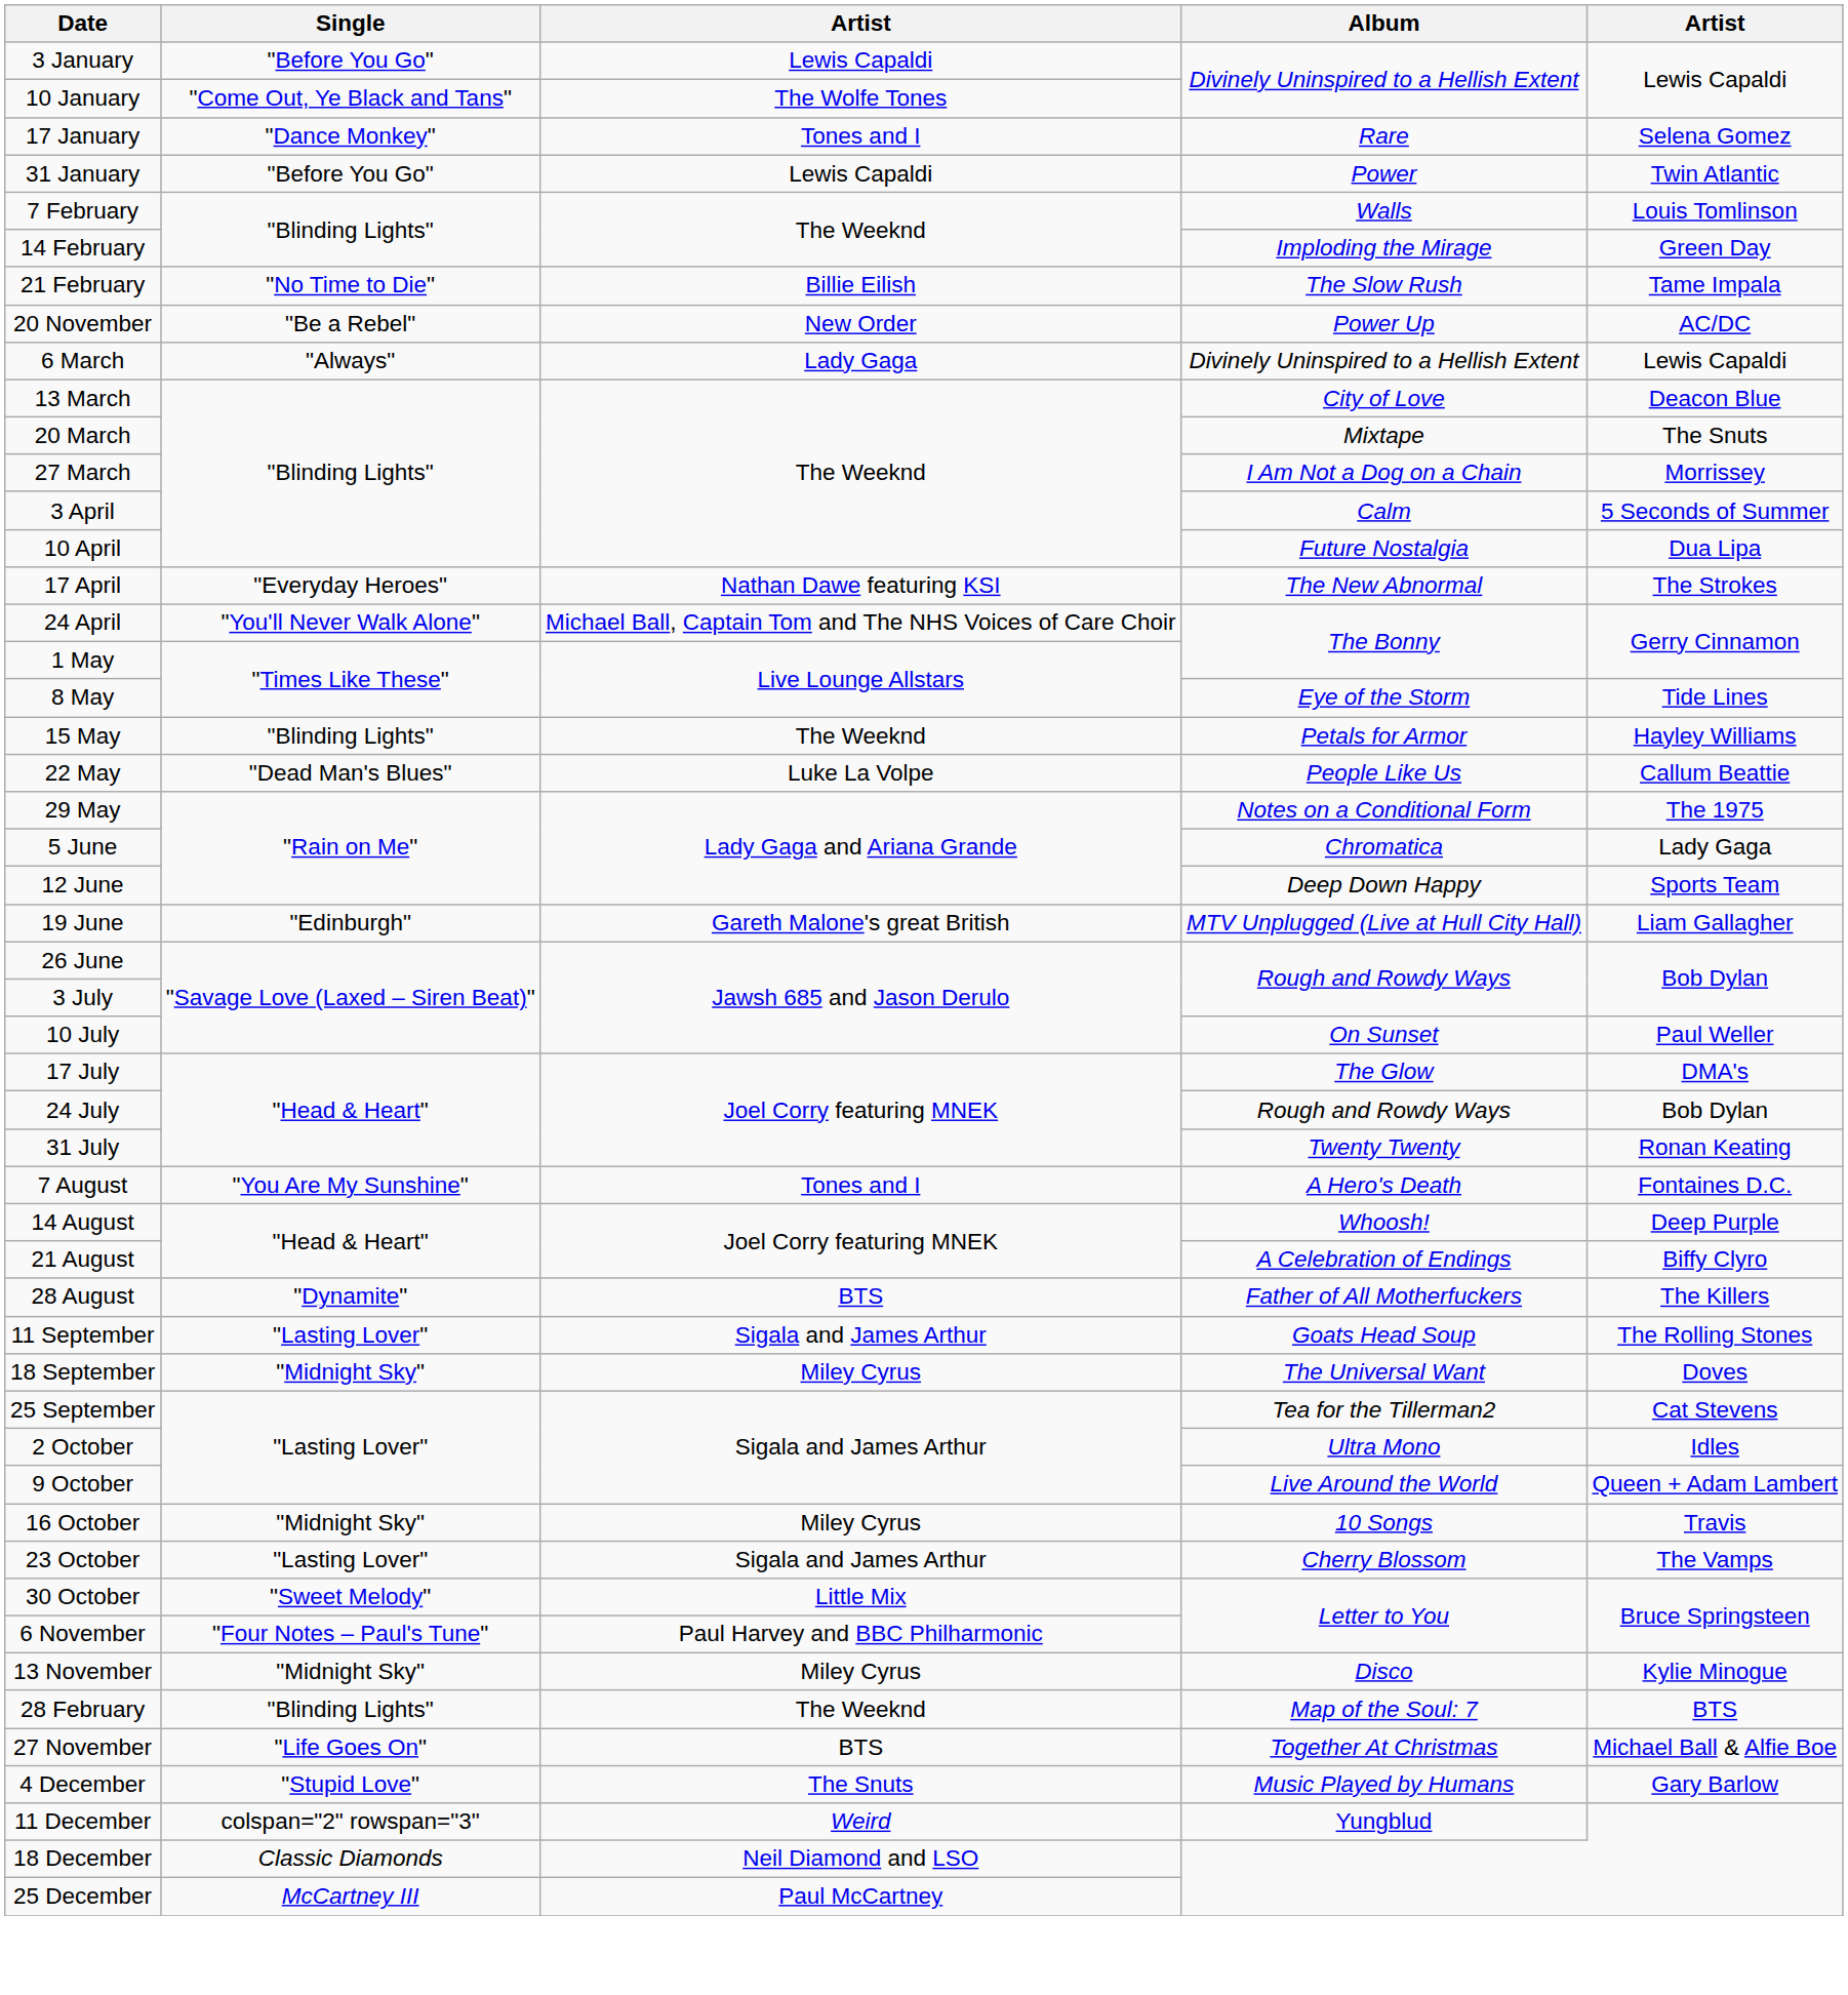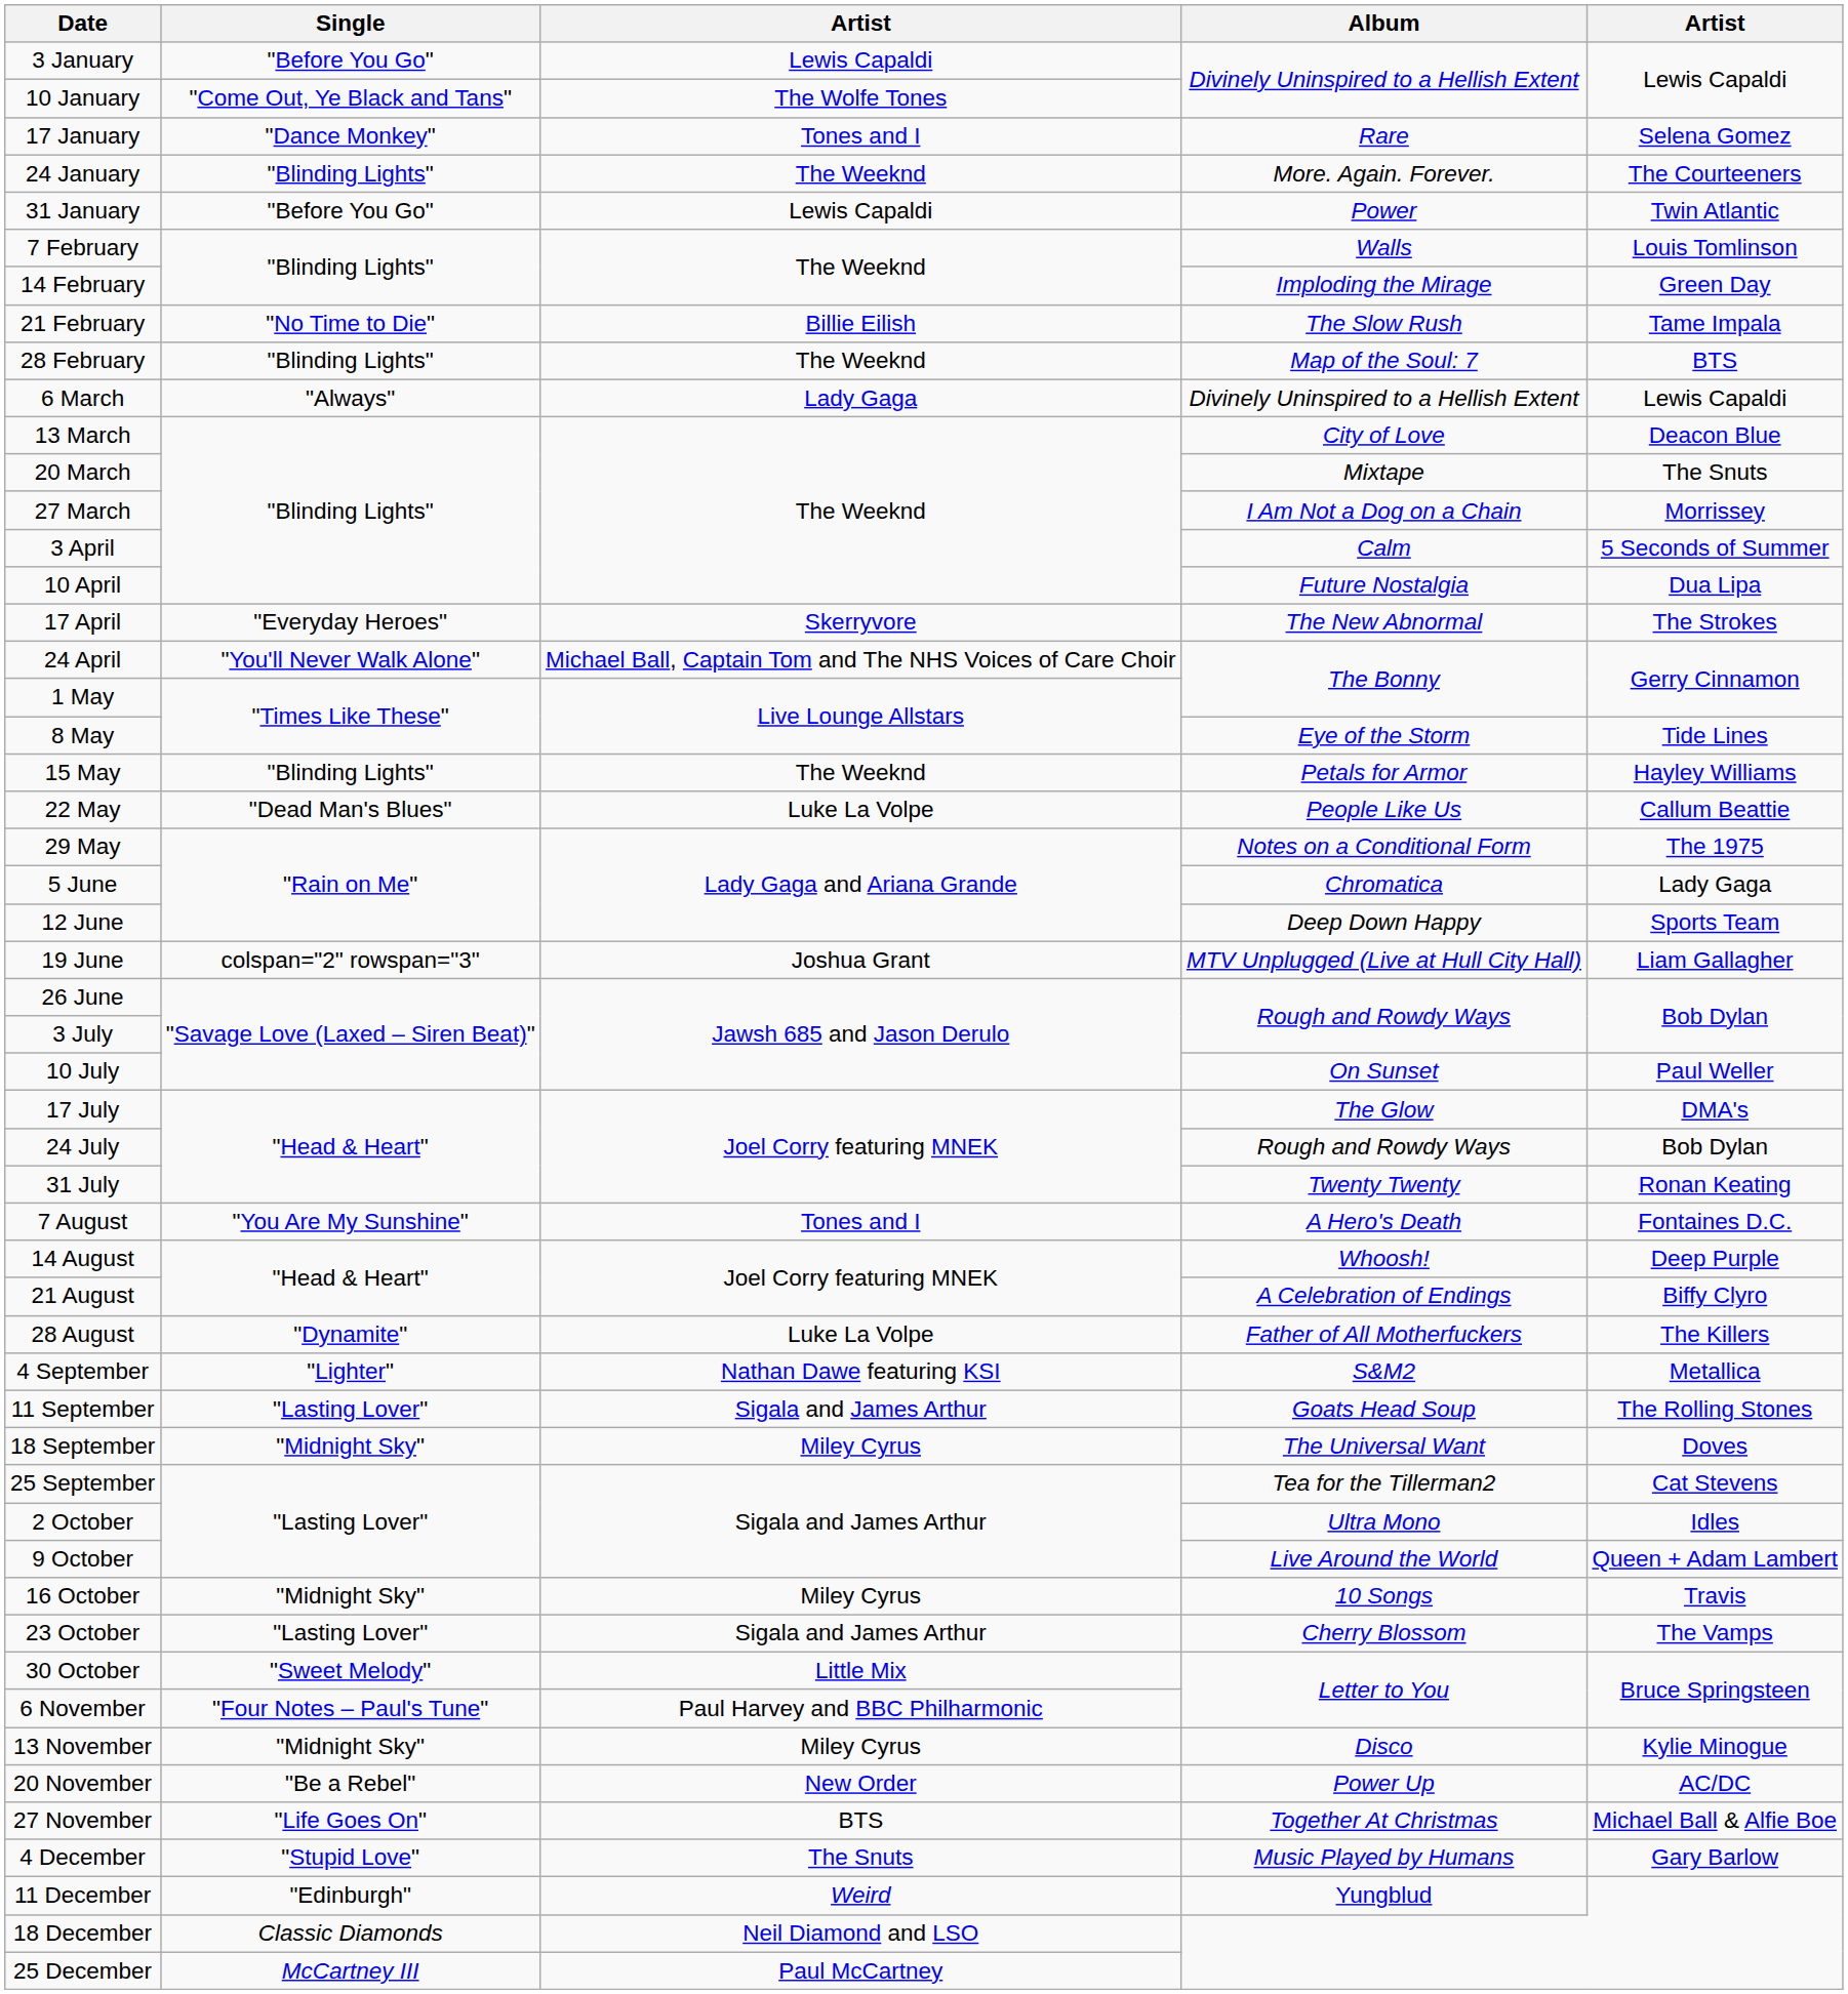 <table class="wikitable" style="font-size:97%; text-align:center;">
 <tr>
 <th>Date</th>
 <th>Single</th>
 <th>Artist</th>
 <th>Album</th>
 <th>Artist</th>
 </tr>
 <tr>
 <td>3 January</td>
 <td>"<a href='#'>Before You Go</a>"</td>
 <td><a href='#'>Lewis Capaldi</a></td>
 <td rowspan="2"><em><a href='#'>Divinely Uninspired to a Hellish Extent</a></em></td>
 <td rowspan="2">Lewis Capaldi</td>
 </tr>
 <tr>
 <td>10 January</td>
 <td>"<a href='#'>Come Out, Ye Black and Tans</a>"</td>
 <td><a href='#'>The Wolfe Tones</a></td>
 </tr>
 <tr>
 <td>17 January</td>
 <td>"<a href='#'>Dance Monkey</a>"</td>
 <td><a href='#'>Tones and I</a></td>
 <td><em><a href='#'>Rare</a></em></td>
 <td><a href='#'>Selena Gomez</a></td>
 </tr>
 <tr>
+<td>24 January</td>
+<td>"<a href='#'>Blinding Lights</a>"</td>
+<td><a href='#'>The Weeknd</a></td>
+<td><em>More. Again. Forever.</em></td>
+<td><a href='#'>The Courteeners</a></td>
+</tr>
+<tr>
 <td>31 January</td>
 <td>"Before You Go"</td>
 <td>Lewis Capaldi</td>
 <td><em><a href='#'>Power</a></em></td>
 <td><a href='#'>Twin Atlantic</a></td>
 </tr>
 <tr>
 <td>7 February</td>
 <td rowspan="2">"Blinding Lights"</td>
 <td rowspan="2">The Weeknd</td>
 <td><em><a href='#'>Walls</a></em></td>
 <td><a href='#'>Louis Tomlinson</a></td>
 </tr>
 <tr>
 <td>14 February</td>
 <td><em><a href='#'>Imploding the Mirage</a></em></td>
 <td><a href='#'>Green Day</a></td>
 </tr>
 <tr>
 <td>21 February</td>
 <td>"<a href='#'>No Time to Die</a>"</td>
 <td><a href='#'>Billie Eilish</a></td>
 <td><em><a href='#'>The Slow Rush</a></em></td>
 <td><a href='#'>Tame Impala</a></td>
 </tr>
 <tr>
-<td>20 November</td>
-<td>"Be a Rebel"</td>
-<td><a href='#'>New Order</a></td>
-<td><em><a href='#'>Power Up</a></em></td>
-<td><a href='#'>AC/DC</a></td>
+<td>28 February</td>
+<td>"Blinding Lights"</td>
+<td>The Weeknd</td>
+<td><em><a href='#'>Map of the Soul: 7</a></em></td>
+<td><a href='#'>BTS</a></td>
 </tr>
 <tr>
 <td>6 March</td>
 <td>"Always"</td>
 <td><a href='#'>Lady Gaga</a></td>
 <td><em>Divinely Uninspired to a Hellish Extent</em></td>
 <td>Lewis Capaldi</td>
 </tr>
 <tr>
 <td>13 March</td>
 <td rowspan="5">"Blinding Lights"</td>
 <td rowspan="5">The Weeknd</td>
 <td><em><a href='#'>City of Love</a></em></td>
 <td><a href='#'>Deacon Blue</a></td>
 </tr>
 <tr>
 <td>20 March</td>
 <td><em>Mixtape</em></td>
 <td>The Snuts</td>
 </tr>
 <tr>
 <td>27 March</td>
 <td><em><a href='#'>I Am Not a Dog on a Chain</a></em></td>
 <td><a href='#'>Morrissey</a></td>
 </tr>
 <tr>
 <td>3 April</td>
 <td><em><a href='#'>Calm</a></em></td>
 <td><a href='#'>5 Seconds of Summer</a></td>
 </tr>
 <tr>
 <td>10 April</td>
 <td><em><a href='#'>Future Nostalgia</a></em></td>
 <td><a href='#'>Dua Lipa</a></td>
 </tr>
 <tr>
 <td>17 April</td>
 <td>"Everyday Heroes"</td>
-<td><a href='#'>Nathan Dawe</a> featuring <a href='#'>KSI</a></td>
+<td><a href='#'>Skerryvore</a></td>
 <td><em><a href='#'>The New Abnormal</a></em></td>
 <td><a href='#'>The Strokes</a></td>
 </tr>
 <tr>
 <td>24 April</td>
 <td>"<a href='#'>You'll Never Walk Alone</a>"</td>
 <td><a href='#'>Michael Ball</a>, <a href='#'>Captain Tom</a> and The NHS Voices of Care Choir</td>
 <td rowspan="2"><em><a href='#'>The Bonny</a></em></td>
 <td rowspan="2"><a href='#'>Gerry Cinnamon</a></td>
 </tr>
 <tr>
 <td>1 May</td>
 <td rowspan="2">"<a href='#'>Times Like These</a>"</td>
 <td rowspan="2"><a href='#'>Live Lounge Allstars</a></td>
 </tr>
 <tr>
 <td>8 May</td>
 <td><em><a href='#'>Eye of the Storm</a></em></td>
 <td><a href='#'>Tide Lines</a></td>
 </tr>
 <tr>
 <td>15 May</td>
 <td>"Blinding Lights"</td>
 <td>The Weeknd</td>
 <td><em><a href='#'>Petals for Armor</a></em></td>
 <td><a href='#'>Hayley Williams</a></td>
 </tr>
 <tr>
 <td>22 May</td>
 <td>"Dead Man's Blues"</td>
 <td>Luke La Volpe</td>
 <td><em><a href='#'>People Like Us</a></em></td>
 <td><a href='#'>Callum Beattie</a></td>
 </tr>
 <tr>
 <td>29 May</td>
 <td rowspan="3">"<a href='#'>Rain on Me</a>"</td>
 <td rowspan="3"><a href='#'>Lady Gaga</a> and <a href='#'>Ariana Grande</a></td>
 <td><em><a href='#'>Notes on a Conditional Form</a></em></td>
 <td><a href='#'>The 1975</a></td>
 </tr>
 <tr>
 <td>5 June</td>
 <td><em><a href='#'>Chromatica</a></em></td>
 <td>Lady Gaga</td>
 </tr>
 <tr>
 <td>12 June</td>
 <td><em>Deep Down Happy</em></td>
 <td><a href='#'>Sports Team</a></td>
 </tr>
 <tr>
 <td>19 June</td>
-<td>"Edinburgh"</td>
-<td><a href='#'>Gareth Malone</a>'s great British</td>
+<td>colspan="2" rowspan="3" </td>
+<td>Joshua Grant</td>
 <td><em><a href='#'>MTV Unplugged (Live at Hull City Hall)</a></em></td>
 <td><a href='#'>Liam Gallagher</a></td>
 </tr>
 <tr>
 <td>26 June</td>
 <td rowspan="3">"<a href='#'>Savage Love (Laxed – Siren Beat)</a>"</td>
 <td rowspan="3"><a href='#'>Jawsh 685</a> and <a href='#'>Jason Derulo</a></td>
 <td rowspan="2"><em><a href='#'>Rough and Rowdy Ways</a></em></td>
 <td rowspan="2"><a href='#'>Bob Dylan</a></td>
 </tr>
 <tr>
 <td>3 July</td>
 </tr>
 <tr>
 <td>10 July</td>
 <td><em><a href='#'>On Sunset</a></em></td>
 <td><a href='#'>Paul Weller</a></td>
 </tr>
 <tr>
 <td>17 July</td>
 <td rowspan="3">"<a href='#'>Head & Heart</a>"</td>
 <td rowspan="3"><a href='#'>Joel Corry</a> featuring <a href='#'>MNEK</a></td>
 <td><em><a href='#'>The Glow</a></em></td>
 <td><a href='#'>DMA's</a></td>
 </tr>
 <tr>
 <td>24 July</td>
 <td><em>Rough and Rowdy Ways</em></td>
 <td>Bob Dylan</td>
 </tr>
 <tr>
 <td>31 July</td>
 <td><em><a href='#'>Twenty Twenty</a></em></td>
 <td><a href='#'>Ronan Keating</a></td>
 </tr>
 <tr>
 <td>7 August</td>
 <td>"<a href='#'>You Are My Sunshine</a>"</td>
 <td><a href='#'>Tones and I</a></td>
 <td><em><a href='#'>A Hero's Death</a></em></td>
 <td><a href='#'>Fontaines D.C.</a></td>
 </tr>
 <tr>
 <td>14 August</td>
 <td rowspan="2">"Head & Heart"</td>
 <td rowspan="2">Joel Corry featuring MNEK</td>
 <td><em><a href='#'>Whoosh!</a></em></td>
 <td><a href='#'>Deep Purple</a></td>
 </tr>
 <tr>
 <td>21 August</td>
 <td><em><a href='#'>A Celebration of Endings</a></em></td>
 <td><a href='#'>Biffy Clyro</a></td>
 </tr>
 <tr>
 <td>28 August</td>
 <td>"<a href='#'>Dynamite</a>"</td>
-<td><a href='#'>BTS</a></td>
+<td>Luke La Volpe</td>
 <td><em><a href='#'>Father of All Motherfuckers</a></em></td>
 <td><a href='#'>The Killers</a></td>
+</tr>
+<tr>
+<td>4 September</td>
+<td>"<a href='#'>Lighter</a>"</td>
+<td><a href='#'>Nathan Dawe</a> featuring <a href='#'>KSI</a></td>
+<td><em><a href='#'>S&M2</a></em></td>
+<td><a href='#'>Metallica</a></td>
 </tr>
 <tr>
 <td>11 September</td>
 <td>"<a href='#'>Lasting Lover</a>"</td>
 <td><a href='#'>Sigala</a> and <a href='#'>James Arthur</a></td>
 <td><em><a href='#'>Goats Head Soup</a></em></td>
 <td><a href='#'>The Rolling Stones</a></td>
 </tr>
 <tr>
 <td>18 September</td>
 <td>"<a href='#'>Midnight Sky</a>"</td>
 <td><a href='#'>Miley Cyrus</a></td>
 <td><em><a href='#'>The Universal Want</a></em></td>
 <td><a href='#'>Doves</a></td>
 </tr>
 <tr>
 <td>25 September</td>
 <td rowspan="3">"Lasting Lover"</td>
 <td rowspan="3">Sigala and James Arthur</td>
 <td><em>Tea for the Tillerman2</em></td>
 <td><a href='#'>Cat Stevens</a></td>
 </tr>
 <tr>
 <td>2 October</td>
 <td><em><a href='#'>Ultra Mono</a></em></td>
 <td><a href='#'>Idles</a></td>
 </tr>
 <tr>
 <td>9 October</td>
 <td><em><a href='#'>Live Around the World</a></em></td>
 <td><a href='#'>Queen + Adam Lambert</a></td>
 </tr>
 <tr>
 <td>16 October</td>
 <td>"Midnight Sky"</td>
 <td>Miley Cyrus</td>
 <td><em><a href='#'>10 Songs</a></em></td>
 <td><a href='#'>Travis</a></td>
 </tr>
 <tr>
 <td>23 October</td>
 <td>"Lasting Lover"</td>
 <td>Sigala and James Arthur</td>
 <td><em><a href='#'>Cherry Blossom</a></em></td>
 <td><a href='#'>The Vamps</a></td>
 </tr>
 <tr>
 <td>30 October</td>
 <td>"<a href='#'>Sweet Melody</a>"</td>
 <td><a href='#'>Little Mix</a></td>
 <td rowspan="2"><em><a href='#'>Letter to You</a></em></td>
 <td rowspan="2"><a href='#'>Bruce Springsteen</a></td>
 </tr>
 <tr>
 <td>6 November</td>
 <td>"<a href='#'>Four Notes – Paul's Tune</a>"</td>
 <td>Paul Harvey and <a href='#'>BBC Philharmonic</a></td>
 </tr>
 <tr>
 <td>13 November</td>
 <td>"Midnight Sky"</td>
 <td>Miley Cyrus</td>
 <td><em><a href='#'>Disco</a></em></td>
 <td><a href='#'>Kylie Minogue</a></td>
 </tr>
 <tr>
-<td>28 February</td>
-<td>"Blinding Lights"</td>
-<td>The Weeknd</td>
-<td><em><a href='#'>Map of the Soul: 7</a></em></td>
-<td><a href='#'>BTS</a></td>
+<td>20 November</td>
+<td>"Be a Rebel"</td>
+<td><a href='#'>New Order</a></td>
+<td><em><a href='#'>Power Up</a></em></td>
+<td><a href='#'>AC/DC</a></td>
 </tr>
 <tr>
 <td>27 November</td>
 <td>"<a href='#'>Life Goes On</a>"</td>
 <td>BTS</td>
 <td><em><a href='#'>Together At Christmas</a></em></td>
 <td><a href='#'>Michael Ball</a> & <a href='#'>Alfie Boe</a></td>
 </tr>
 <tr>
 <td>4 December</td>
 <td>"<a href='#'>Stupid Love</a>"</td>
 <td><a href='#'>The Snuts</a></td>
 <td><em><a href='#'>Music Played by Humans</a></em></td>
 <td><a href='#'>Gary Barlow</a></td>
 </tr>
 <tr>
 <td>11 December</td>
-<td>colspan="2" rowspan="3" </td>
+<td>"Edinburgh"</td>
 <td><em><a href='#'>Weird</a></em></td>
 <td><a href='#'>Yungblud</a></td>
 </tr>
 <tr>
 <td>18 December</td>
 <td><em>Classic Diamonds</em></td>
 <td><a href='#'>Neil Diamond</a> and <a href='#'>LSO</a></td>
 </tr>
 <tr>
 <td>25 December</td>
 <td><em><a href='#'>McCartney III</a></em></td>
 <td><a href='#'>Paul McCartney</a></td>
 </tr>
 </table>
